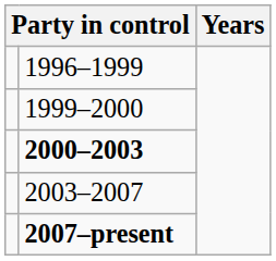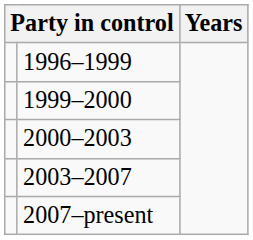 <table class="wikitable">
 <tr>
 <th colspan="2">Party in control</th>
 <th>Years</th>
 </tr>
 <tr>
 <td></td>
 <td>1996–1999</td>
 </tr>
 <tr>
 <td></td>
 <td>1999–2000</td>
 </tr>
 <tr>
 <td></td>
-<td><strong>2000–2003</strong></td>
+<td>2000–2003</td>
 </tr>
 <tr>
 <td></td>
 <td>2003–2007</td>
 </tr>
 <tr>
 <td></td>
-<td><strong>2007–present</strong></td>
+<td>2007–present</td>
 </tr>
 </table>
